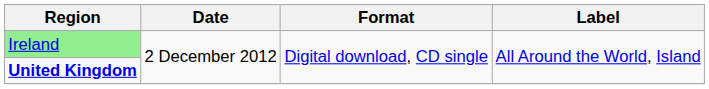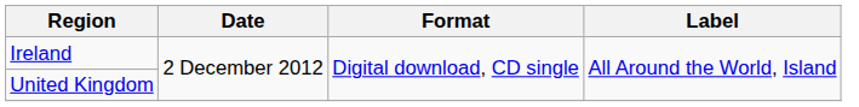 <table class="wikitable">
 <tr>
 <th>Region</th>
 <th>Date</th>
 <th>Format</th>
 <th>Label</th>
 </tr>
 <tr>
-<td style="background: lightgreen;"><a href='#'>Ireland</a></td>
+<td><a href='#'>Ireland</a></td>
 <td rowspan="2">2 December 2012</td>
 <td rowspan="2"><a href='#'>Digital download</a>, <a href='#'>CD single</a></td>
 <td rowspan="2"><a href='#'>All Around the World</a>, <a href='#'>Island</a></td>
 </tr>
 <tr>
-<td><strong><a href='#'>United Kingdom</a></strong></td>
+<td><a href='#'>United Kingdom</a></td>
 </tr>
 <tr>
 </tr>
 </table>
